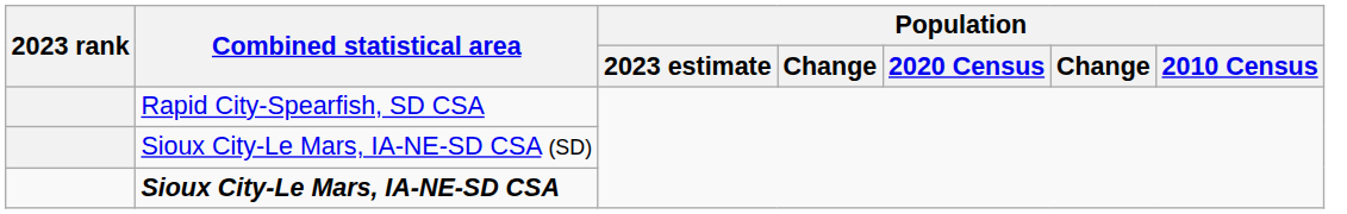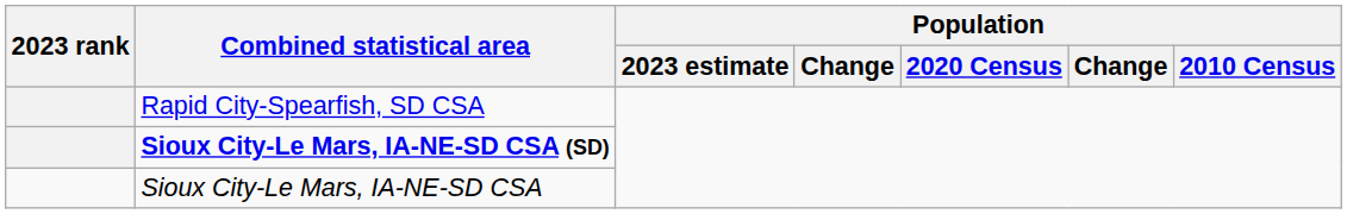 <table class="wikitable sortable">
 <tr>
 <th scope=col rowspan=2>2023 rank</th>
 <th scope=col rowspan=2><a href='#'>Combined statistical area</a></th>
 <th colspan=5>Population</th>
 </tr>
 <tr>
 <th scope=col>2023 estimate</th>
 <th scope=col>Change</th>
 <th scope=col><a href='#'>2020 Census</a></th>
 <th scope=col>Change</th>
 <th scope=col><a href='#'>2010 Census</a></th>
 </tr>
 <tr>
 <th scope=row></th>
 <td><a href='#'>Rapid City-Spearfish, SD CSA</a><br></td>
 </tr>
 <tr>
 <th scope=row></th>
-<td><a href='#'>Sioux City-Le Mars, IA-NE-SD CSA</a> <small>(SD)</small><br></td>
+<td><strong><a href='#'>Sioux City-Le Mars, IA-NE-SD CSA</a> <small>(SD)</small><br></strong></td>
 </tr>
 <tr>
 <td></td>
-<td><strong><em><span>Sioux City-Le Mars, IA-NE-SD CSA</span></em><br></strong></td>
+<td><em><span>Sioux City-Le Mars, IA-NE-SD CSA</span></em><br></td>
 </tr>
 </table>
